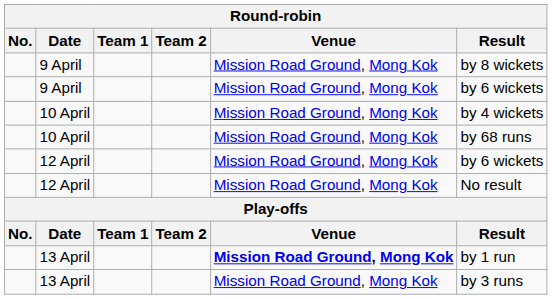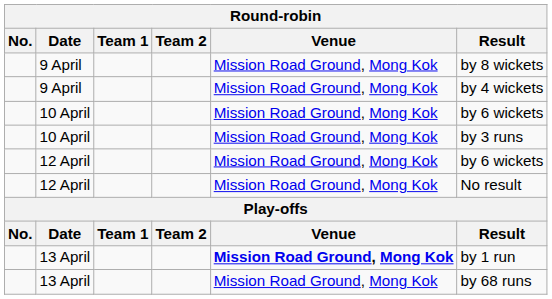 <table class="wikitable">
 <tr>
 <th colspan="6">Round-robin</th>
 </tr>
 <tr>
 <th>No.</th>
 <th>Date</th>
 <th>Team 1</th>
 <th>Team 2</th>
 <th>Venue</th>
 <th>Result</th>
 </tr>
 <tr>
 <td></td>
 <td>9 April</td>
 <td></td>
 <td></td>
 <td><a href='#'>Mission Road Ground</a>, <a href='#'>Mong Kok</a></td>
 <td> by 8 wickets</td>
 </tr>
 <tr>
 <td></td>
 <td>9 April</td>
 <td></td>
 <td></td>
 <td><a href='#'>Mission Road Ground</a>, <a href='#'>Mong Kok</a></td>
+<td> by 4 wickets</td>
+</tr>
+<tr>
+<td></td>
+<td>10 April</td>
+<td></td>
+<td></td>
+<td><a href='#'>Mission Road Ground</a>, <a href='#'>Mong Kok</a></td>
 <td> by 6 wickets</td>
 </tr>
 <tr>
 <td></td>
 <td>10 April</td>
 <td></td>
 <td></td>
 <td><a href='#'>Mission Road Ground</a>, <a href='#'>Mong Kok</a></td>
-<td> by 4 wickets</td>
-</tr>
-<tr>
-<td></td>
-<td>10 April</td>
-<td></td>
-<td></td>
-<td><a href='#'>Mission Road Ground</a>, <a href='#'>Mong Kok</a></td>
-<td> by 68 runs</td>
+<td> by 3 runs</td>
 </tr>
 <tr>
 <td></td>
 <td>12 April</td>
 <td></td>
 <td></td>
 <td><a href='#'>Mission Road Ground</a>, <a href='#'>Mong Kok</a></td>
 <td> by 6 wickets</td>
 </tr>
 <tr>
 <td></td>
 <td>12 April</td>
 <td></td>
 <td></td>
 <td><a href='#'>Mission Road Ground</a>, <a href='#'>Mong Kok</a></td>
 <td>No result</td>
 </tr>
 <tr>
 <th colspan="6">Play-offs</th>
 </tr>
 <tr>
 <th>No.</th>
 <th>Date</th>
 <th>Team 1</th>
 <th>Team 2</th>
 <th>Venue</th>
 <th>Result</th>
 </tr>
 <tr>
 <td></td>
 <td>13 April</td>
 <td></td>
 <td></td>
 <td><strong><a href='#'>Mission Road Ground</a>, <a href='#'>Mong Kok</a></strong></td>
 <td> by 1 run</td>
 </tr>
 <tr>
 <td></td>
 <td>13 April</td>
 <td></td>
 <td></td>
 <td><a href='#'>Mission Road Ground</a>, <a href='#'>Mong Kok</a></td>
-<td> by 3 runs</td>
+<td> by 68 runs</td>
 </tr>
 </table>
